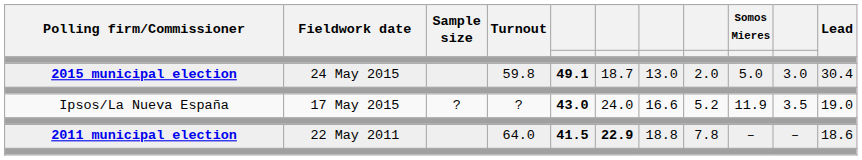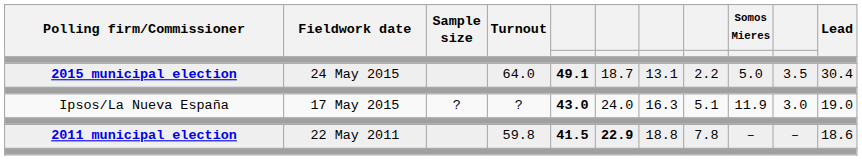 <table class="wikitable collapsible collapsed" style="text-align:center; font-size:95%; line-height:16px;">
 <tr style="height:42px;">
 <th style="width:250px;" rowspan="2">Polling firm/Commissioner</th>
 <th style="width:125px;" rowspan="2">Fieldwork date</th>
 <th style="width:50px;" rowspan="2">Sample size</th>
 <th style="width:45px;" rowspan="2">Turnout</th>
 <th style="width:35px;"></th>
 <th style="width:35px;"></th>
 <th style="width:35px;"></th>
 <th style="width:35px;"></th>
 <th style="width:35px; font-size:80%;">Somos<br>Mieres</th>
 <th style="width:35px;"></th>
 <th style="width:30px;" rowspan="2">Lead</th>
 </tr>
 <tr>
 <th style="color:inherit;background:"></th>
 <th style="color:inherit;background:"></th>
 <th style="color:inherit;background:"></th>
 <th style="color:inherit;background:"></th>
 <th style="color:inherit;background:"></th>
 <th style="color:inherit;background:"></th>
 </tr>
 <tr>
 <td colspan="11" style="background:#A0A0A0"></td>
 </tr>
 <tr style="background:#EFEFEF;">
 <td><strong><a href='#'>2015 municipal election</a></strong></td>
 <td>24 May 2015</td>
 <td></td>
-<td>59.8</td>
+<td>64.0</td>
 <td><strong>49.1</strong><br></td>
 <td>18.7<br></td>
-<td>13.0<br></td>
-<td>2.0<br></td>
+<td>13.1<br></td>
+<td>2.2<br></td>
 <td>5.0<br></td>
-<td>3.0<br></td>
+<td>3.5<br></td>
 <td style="background:">30.4</td>
 </tr>
 <tr>
 <td colspan="11" style="background:#A0A0A0"></td>
 </tr>
 <tr>
 <td>Ipsos/La Nueva España</td>
 <td>17 May 2015</td>
 <td>?</td>
 <td>?</td>
 <td><strong>43.0</strong><br></td>
 <td>24.0<br></td>
-<td>16.6<br></td>
-<td>5.2<br></td>
+<td>16.3<br></td>
+<td>5.1<br></td>
 <td>11.9<br></td>
-<td>3.5<br></td>
+<td>3.0<br></td>
 <td style="background:">19.0</td>
 </tr>
 <tr>
 <td colspan="11" style="background:#A0A0A0"></td>
 </tr>
 <tr style="background:#EFEFEF;">
 <td><strong><a href='#'>2011 municipal election</a></strong></td>
 <td>22 May 2011</td>
 <td></td>
-<td>64.0</td>
+<td>59.8</td>
 <td><strong>41.5</strong><br></td>
 <td><strong>22.9<br></strong></td>
 <td>18.8<br></td>
 <td>7.8<br></td>
 <td>–</td>
 <td>–</td>
 <td style="background:">18.6</td>
 </tr>
 <tr>
 <td colspan="11" style="background:#A0A0A0"></td>
 </tr>
 </table>
